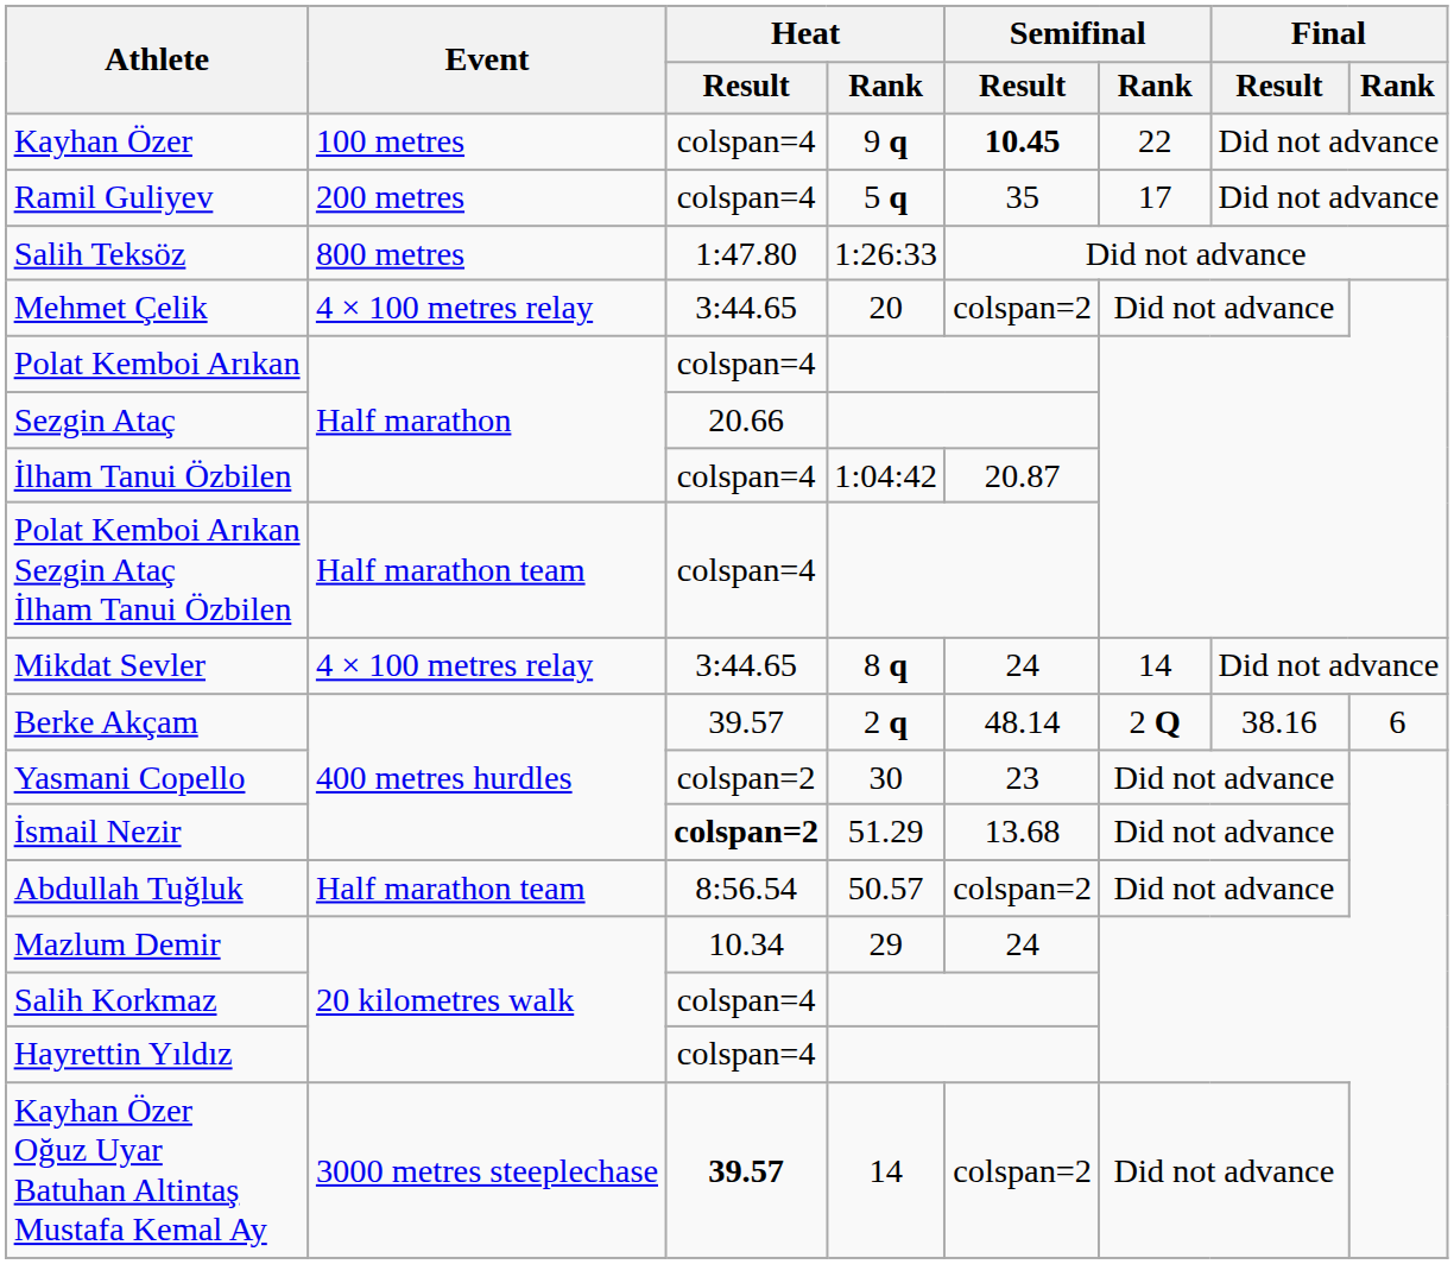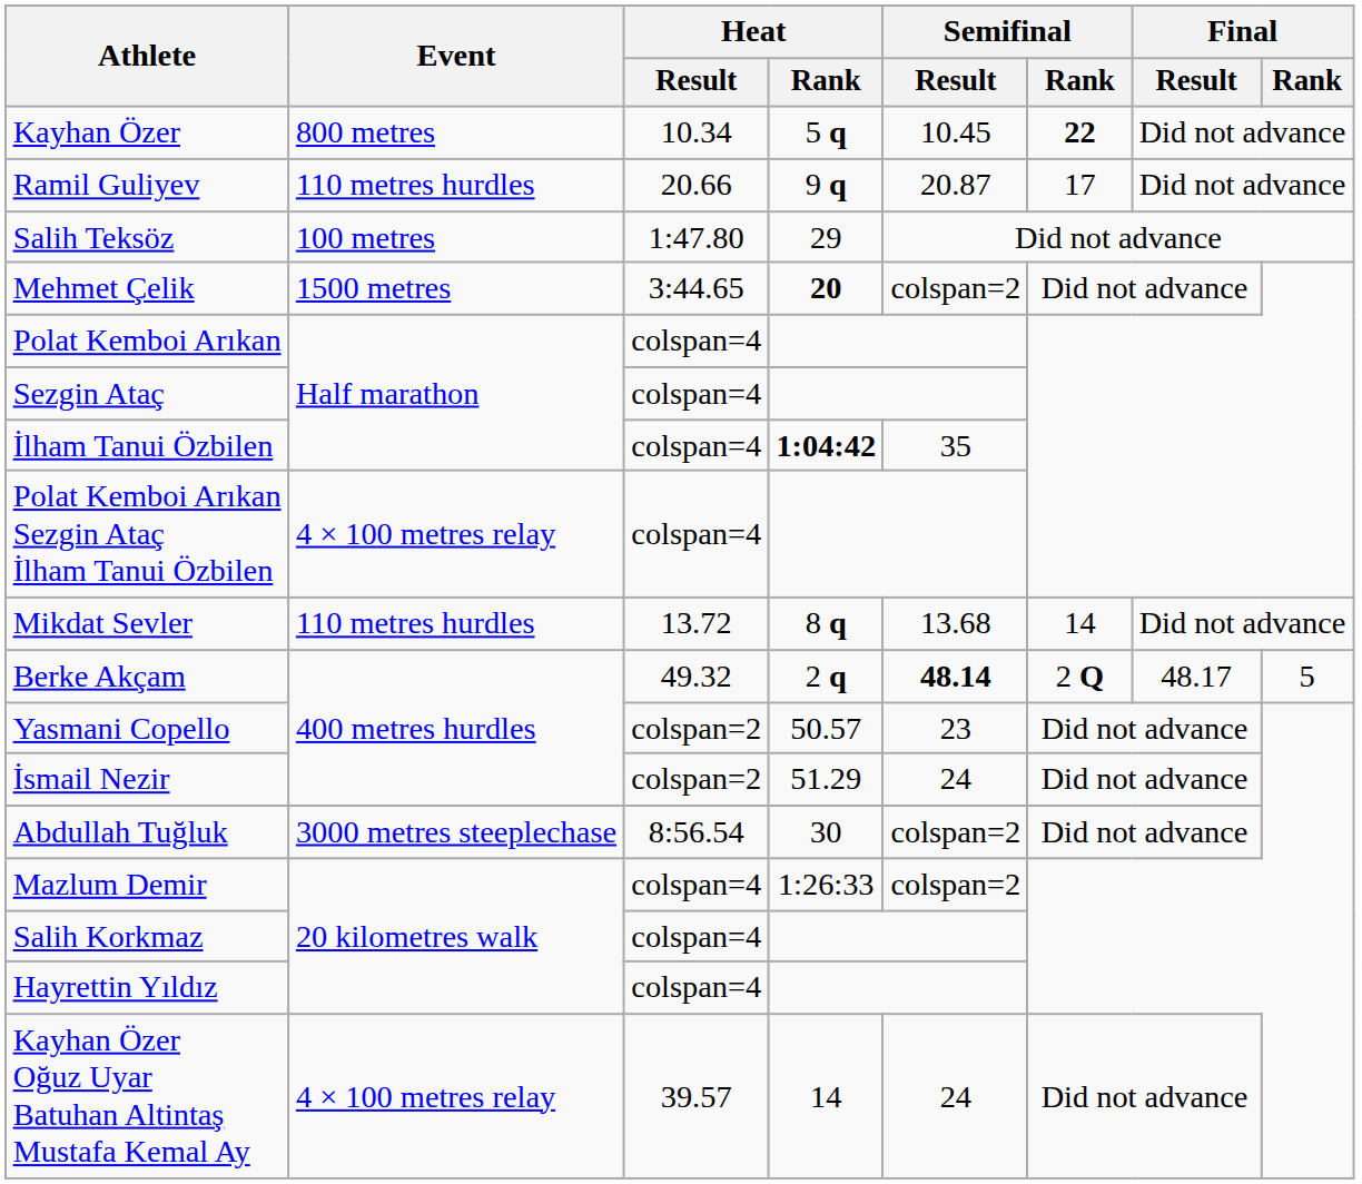 <table class=wikitable style=font-size:90%>
 <tr>
 <th rowspan=2>Athlete</th>
 <th rowspan=2>Event</th>
 <th colspan=2>Heat</th>
 <th colspan=2>Semifinal</th>
 <th colspan=2>Final</th>
 </tr>
 <tr style=font-size:95%>
 <th>Result</th>
 <th>Rank</th>
 <th>Result</th>
 <th>Rank</th>
 <th>Result</th>
 <th>Rank</th>
 </tr>
 <tr align=center>
 <td align=left><a href='#'>Kayhan Özer</a></td>
-<td align=left><a href='#'>100 metres</a></td>
-<td>colspan=4</td>
-<td>9 <strong>q</strong></td>
-<td><strong>10.45</strong></td>
-<td>22</td>
+<td align=left><a href='#'>800 metres</a></td>
+<td>10.34</td>
+<td>5 <strong>q</strong></td>
+<td>10.45</td>
+<td><strong>22</strong></td>
 <td colspan=2>Did not advance</td>
 </tr>
 <tr align=center>
 <td align=left><a href='#'>Ramil Guliyev</a></td>
-<td align=left><a href='#'>200 metres</a></td>
-<td>colspan=4</td>
-<td>5 <strong>q</strong></td>
-<td>35</td>
+<td align=left><a href='#'>110 metres hurdles</a></td>
+<td>20.66 </td>
+<td>9 <strong>q</strong></td>
+<td>20.87</td>
 <td>17</td>
 <td colspan=2>Did not advance</td>
 </tr>
 <tr align=center>
 <td align=left><a href='#'>Salih Teksöz</a></td>
-<td align=left><a href='#'>800 metres</a></td>
+<td align=left><a href='#'>100 metres</a></td>
 <td>1:47.80</td>
-<td>1:26:33</td>
+<td>29</td>
 <td colspan=4>Did not advance</td>
 </tr>
 <tr align=center>
 <td align=left><a href='#'>Mehmet Çelik</a></td>
-<td align=left><a href='#'>4 × 100 metres relay</a></td>
+<td align=left><a href='#'>1500 metres</a></td>
 <td>3:44.65</td>
-<td>20</td>
+<td><strong>20</strong></td>
 <td>colspan=2</td>
 <td colspan=2>Did not advance</td>
 </tr>
 <tr align=center>
 <td align=left><a href='#'>Polat Kemboi Arıkan</a></td>
 <td align=left rowspan=3><a href='#'>Half marathon</a></td>
 <td>colspan=4</td>
 <td colspan=2></td>
 </tr>
 <tr align=center>
 <td align=left><a href='#'>Sezgin Ataç</a></td>
-<td>20.66 </td>
+<td>colspan=4</td>
 <td colspan=2></td>
 </tr>
 <tr align=center>
 <td align=left><a href='#'>İlham Tanui Özbilen</a></td>
 <td>colspan=4</td>
-<td>1:04:42 </td>
-<td>20.87</td>
+<td><strong>1:04:42 </strong></td>
+<td>35</td>
 </tr>
 <tr align=center>
 <td align=left><a href='#'>Polat Kemboi Arıkan</a><br><a href='#'>Sezgin Ataç</a><br><a href='#'>İlham Tanui Özbilen</a></td>
-<td align=left><a href='#'>Half marathon team</a></td>
+<td align=left><a href='#'>4 × 100 metres relay</a></td>
 <td>colspan=4</td>
 <td colspan=2></td>
 </tr>
 <tr align=center>
 <td align=left><a href='#'>Mikdat Sevler</a></td>
-<td align=left><a href='#'>4 × 100 metres relay</a></td>
-<td>3:44.65</td>
+<td align=left><a href='#'>110 metres hurdles</a></td>
+<td>13.72</td>
 <td>8 <strong>q</strong></td>
-<td>24</td>
+<td>13.68</td>
 <td>14</td>
 <td colspan=2>Did not advance</td>
 </tr>
 <tr align=center>
 <td align=left><a href='#'>Berke Akçam</a></td>
 <td align=left rowspan=3><a href='#'>400 metres hurdles</a></td>
-<td>39.57</td>
+<td>49.32</td>
 <td>2 <strong>q</strong></td>
-<td>48.14 </td>
+<td><strong>48.14 </strong></td>
 <td>2 <strong>Q</strong></td>
-<td>38.16</td>
-<td>6</td>
+<td>48.17</td>
+<td>5</td>
 </tr>
 <tr align=center>
 <td align=left><a href='#'>Yasmani Copello</a></td>
 <td>colspan=2 </td>
-<td>30</td>
+<td>50.57  </td>
 <td>23</td>
 <td colspan=2>Did not advance</td>
 </tr>
 <tr align=center>
 <td align=left><a href='#'>İsmail Nezir</a></td>
-<td><strong>colspan=2 </strong></td>
+<td>colspan=2 </td>
 <td>51.29</td>
-<td>13.68</td>
+<td>24</td>
 <td colspan=2>Did not advance</td>
 </tr>
 <tr align=center>
 <td align=left><a href='#'>Abdullah Tuğluk</a></td>
-<td align=left><a href='#'>Half marathon team</a></td>
+<td align=left><a href='#'>3000 metres steeplechase</a></td>
 <td>8:56.54</td>
-<td>50.57  </td>
+<td>30</td>
 <td>colspan=2</td>
 <td colspan=2>Did not advance</td>
 </tr>
 <tr align=center>
 <td align=left><a href='#'>Mazlum Demir</a></td>
 <td align=left rowspan=3><a href='#'>20 kilometres walk</a></td>
-<td>10.34</td>
-<td>29</td>
-<td>24</td>
+<td>colspan=4</td>
+<td>1:26:33</td>
+<td>colspan=2</td>
 </tr>
 <tr align=center>
 <td align=left><a href='#'>Salih Korkmaz</a></td>
 <td>colspan=4</td>
 <td colspan=2></td>
 </tr>
 <tr align=center>
 <td align=left><a href='#'>Hayrettin Yıldız</a></td>
 <td>colspan=4</td>
 <td colspan=2></td>
 </tr>
 <tr align=center>
 <td align=left><a href='#'>Kayhan Özer</a><br><a href='#'>Oğuz Uyar</a><br><a href='#'>Batuhan Altintaş</a><br><a href='#'>Mustafa Kemal Ay</a></td>
-<td align=left><a href='#'>3000 metres steeplechase</a></td>
-<td><strong>39.57</strong></td>
+<td align=left><a href='#'>4 × 100 metres relay</a></td>
+<td>39.57</td>
 <td>14</td>
-<td>colspan=2</td>
+<td>24</td>
 <td colspan=2>Did not advance</td>
 </tr>
 </table>
